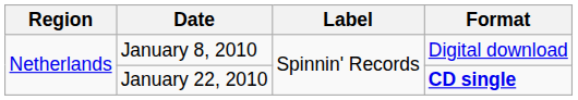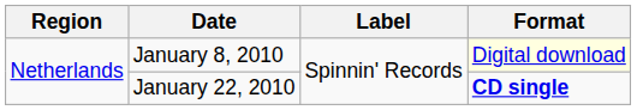 <table class="wikitable">
 <tr>
 <th>Region</th>
 <th>Date</th>
 <th>Label</th>
 <th>Format</th>
 </tr>
 <tr>
 <td rowspan="2"><a href='#'>Netherlands</a></td>
 <td rowspan="1">January 8, 2010</td>
 <td rowspan="2">Spinnin' Records</td>
-<td rowspan="1"><a href='#'>Digital download</a></td>
+<td rowspan="1" style="background: lightyellow;"><a href='#'>Digital download</a></td>
 </tr>
 <tr>
 <td rowspan="1">January 22, 2010</td>
 <td rowspan="1"><strong><a href='#'>CD single</a></strong></td>
 </tr>
 </table>
